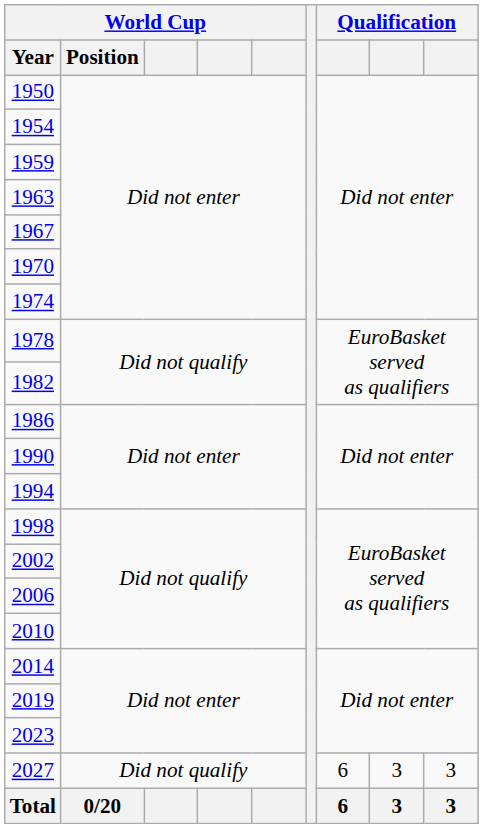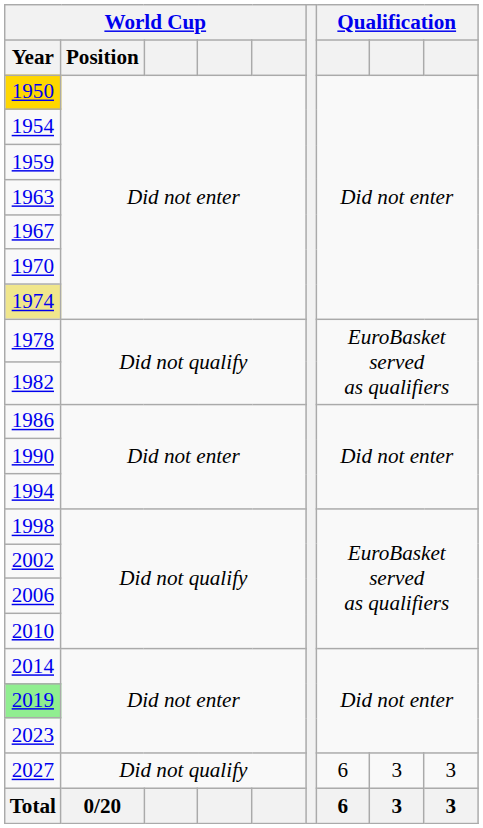 <table class="wikitable" style="text-align: center;font-size:90%;">
 <tr>
 <th colspan=5><a href='#'>World Cup</a></th>
 <th rowspan=23></th>
 <th colspan=3><a href='#'>Qualification</a></th>
 </tr>
 <tr>
 <th>Year</th>
 <th>Position</th>
 <th width=30></th>
 <th width=30></th>
 <th width=30></th>
 <th width=30></th>
 <th width=30></th>
 <th width=30></th>
 </tr>
 <tr>
-<td> <a href='#'>1950</a></td>
+<td style="background: gold;"> <a href='#'>1950</a></td>
 <td colspan=4 rowspan=7><em>Did not enter</em></td>
 <td colspan=3 rowspan=7><em>Did not enter</em></td>
 </tr>
 <tr>
 <td> <a href='#'>1954</a></td>
 </tr>
 <tr>
 <td> <a href='#'>1959</a></td>
 </tr>
 <tr>
 <td> <a href='#'>1963</a></td>
 </tr>
 <tr>
 <td> <a href='#'>1967</a></td>
 </tr>
 <tr>
 <td> <a href='#'>1970</a></td>
 </tr>
 <tr>
-<td> <a href='#'>1974</a></td>
+<td style="background: khaki;"> <a href='#'>1974</a></td>
 </tr>
 <tr>
 <td> <a href='#'>1978</a></td>
 <td colspan=4 rowspan=2><em>Did not qualify</em></td>
 <td colspan=3 rowspan=2><em>EuroBasket served<br>as qualifiers</em></td>
 </tr>
 <tr>
 <td> <a href='#'>1982</a></td>
 </tr>
 <tr>
 <td> <a href='#'>1986</a></td>
 <td colspan=4 rowspan=3><em>Did not enter</em></td>
 <td colspan=3 rowspan=3><em>Did not enter</em></td>
 </tr>
 <tr>
 <td> <a href='#'>1990</a></td>
 </tr>
 <tr>
 <td> <a href='#'>1994</a></td>
 </tr>
 <tr>
 <td> <a href='#'>1998</a></td>
 <td colspan=4 rowspan=4><em>Did not qualify</em></td>
 <td colspan=3 rowspan=4><em>EuroBasket served<br>as qualifiers</em></td>
 </tr>
 <tr>
 <td> <a href='#'>2002</a></td>
 </tr>
 <tr>
 <td> <a href='#'>2006</a></td>
 </tr>
 <tr>
 <td> <a href='#'>2010</a></td>
 </tr>
 <tr>
 <td> <a href='#'>2014</a></td>
 <td colspan=4 rowspan=3><em>Did not enter</em></td>
 <td colspan=3 rowspan=3><em>Did not enter</em></td>
 </tr>
 <tr>
-<td> <a href='#'>2019</a></td>
+<td style="background: lightgreen;"> <a href='#'>2019</a></td>
 </tr>
 <tr>
 <td> <a href='#'>2023</a></td>
 </tr>
 <tr>
 <td> <a href='#'>2027</a></td>
 <td colspan=4><em>Did not qualify</em></td>
 <td>6</td>
 <td>3</td>
 <td>3</td>
 </tr>
 <tr>
 <th>Total</th>
 <th>0/20</th>
 <th></th>
 <th></th>
 <th></th>
 <th>6</th>
 <th>3</th>
 <th>3</th>
 </tr>
 </table>
